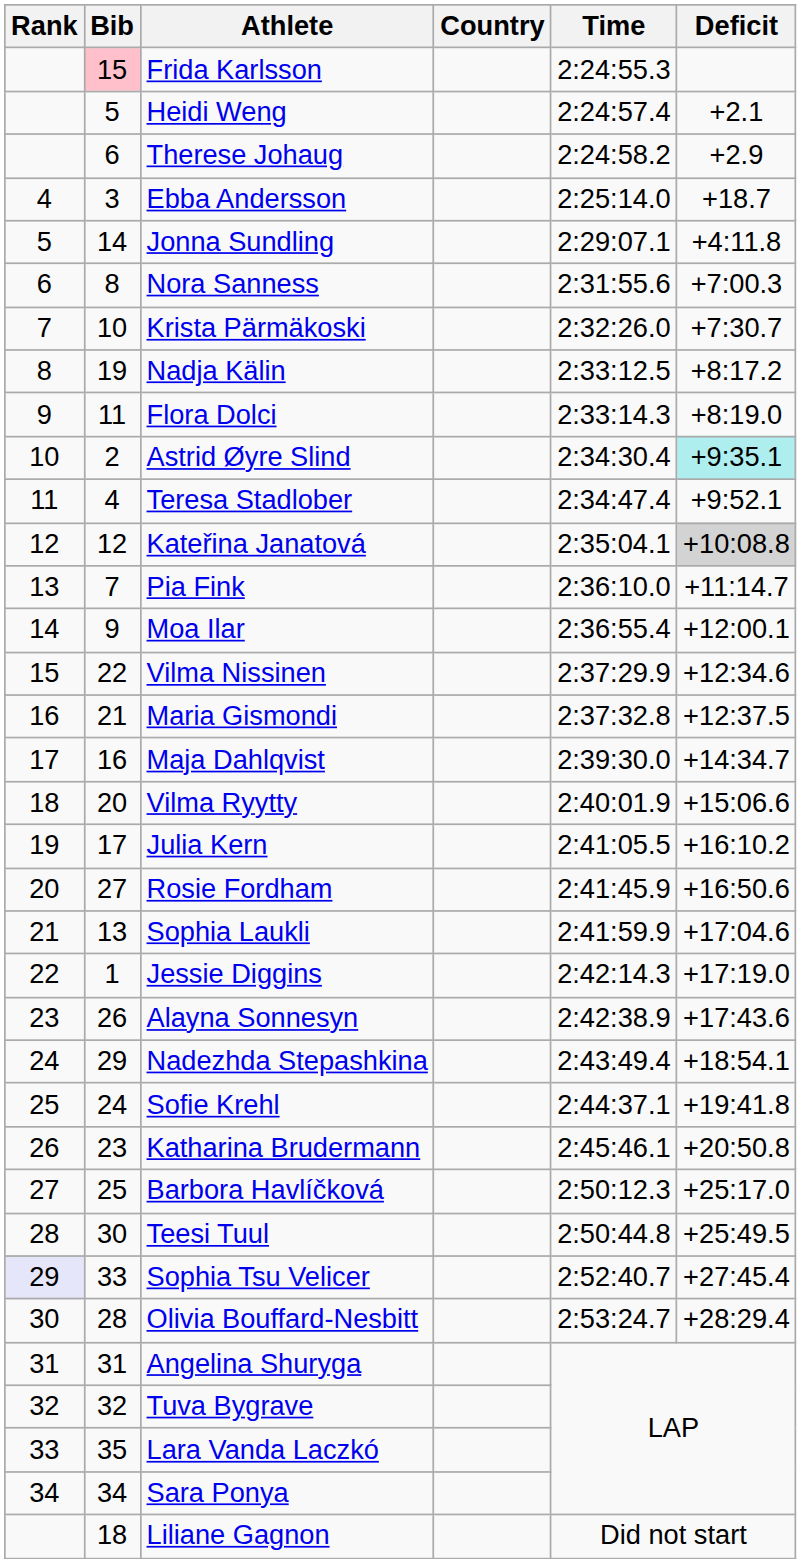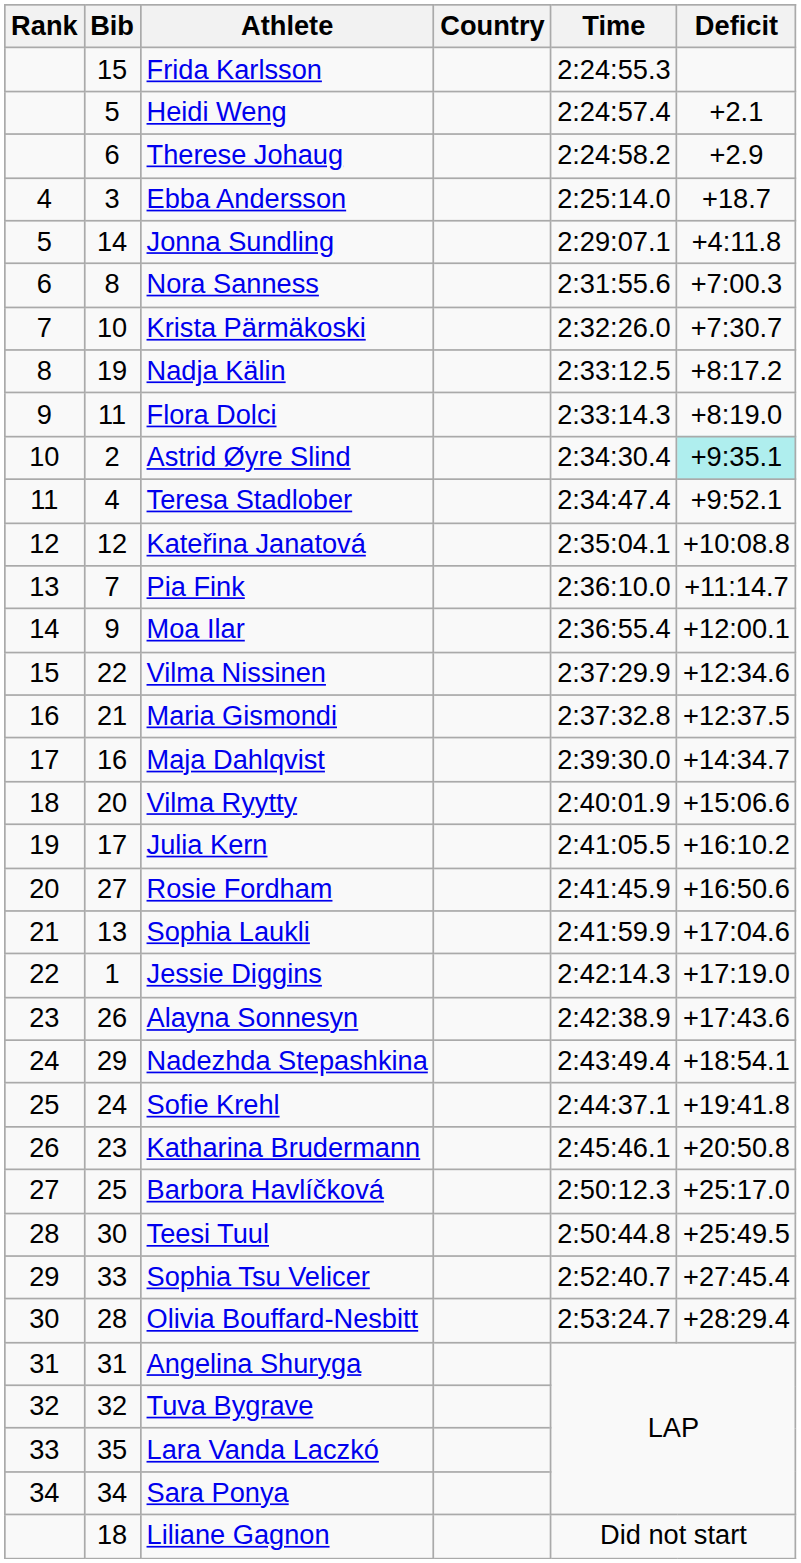 <table class="wikitable sortable" style="text-align:center">
 <tr>
 <th>Rank</th>
 <th>Bib</th>
 <th>Athlete</th>
 <th>Country</th>
 <th>Time</th>
 <th>Deficit</th>
 </tr>
 <tr>
 <td></td>
-<td style="background: pink;">15</td>
+<td>15</td>
 <td align=left><a href='#'>Frida Karlsson</a></td>
 <td align=left></td>
 <td>2:24:55.3</td>
 <td></td>
 </tr>
 <tr>
 <td></td>
 <td>5</td>
 <td align=left><a href='#'>Heidi Weng</a></td>
 <td align=left></td>
 <td>2:24:57.4</td>
 <td>+2.1</td>
 </tr>
 <tr>
 <td></td>
 <td>6</td>
 <td align=left><a href='#'>Therese Johaug</a></td>
 <td align=left></td>
 <td>2:24:58.2</td>
 <td>+2.9</td>
 </tr>
 <tr>
 <td>4</td>
 <td>3</td>
 <td align=left><a href='#'>Ebba Andersson</a></td>
 <td align=left></td>
 <td>2:25:14.0</td>
 <td>+18.7</td>
 </tr>
 <tr>
 <td>5</td>
 <td>14</td>
 <td align=left><a href='#'>Jonna Sundling</a></td>
 <td align=left></td>
 <td>2:29:07.1</td>
 <td>+4:11.8</td>
 </tr>
 <tr>
 <td>6</td>
 <td>8</td>
 <td align=left><a href='#'>Nora Sanness</a></td>
 <td align=left></td>
 <td>2:31:55.6</td>
 <td>+7:00.3</td>
 </tr>
 <tr>
 <td>7</td>
 <td>10</td>
 <td align=left><a href='#'>Krista Pärmäkoski</a></td>
 <td align=left></td>
 <td>2:32:26.0</td>
 <td>+7:30.7</td>
 </tr>
 <tr>
 <td>8</td>
 <td>19</td>
 <td align=left><a href='#'>Nadja Kälin</a></td>
 <td align=left></td>
 <td>2:33:12.5</td>
 <td>+8:17.2</td>
 </tr>
 <tr>
 <td>9</td>
 <td>11</td>
 <td align=left><a href='#'>Flora Dolci</a></td>
 <td align=left></td>
 <td>2:33:14.3</td>
 <td>+8:19.0</td>
 </tr>
 <tr>
 <td>10</td>
 <td>2</td>
 <td align=left><a href='#'>Astrid Øyre Slind</a></td>
 <td align=left></td>
 <td>2:34:30.4</td>
 <td style="background: paleturquoise;">+9:35.1</td>
 </tr>
 <tr>
 <td>11</td>
 <td>4</td>
 <td align=left><a href='#'>Teresa Stadlober</a></td>
 <td align=left></td>
 <td>2:34:47.4</td>
 <td>+9:52.1</td>
 </tr>
 <tr>
 <td>12</td>
 <td>12</td>
 <td align=left><a href='#'>Kateřina Janatová</a></td>
 <td align=left></td>
 <td>2:35:04.1</td>
-<td style="background: lightgrey;">+10:08.8</td>
+<td>+10:08.8</td>
 </tr>
 <tr>
 <td>13</td>
 <td>7</td>
 <td align=left><a href='#'>Pia Fink</a></td>
 <td align=left></td>
 <td>2:36:10.0</td>
 <td>+11:14.7</td>
 </tr>
 <tr>
 <td>14</td>
 <td>9</td>
 <td align=left><a href='#'>Moa Ilar</a></td>
 <td align=left></td>
 <td>2:36:55.4</td>
 <td>+12:00.1</td>
 </tr>
 <tr>
 <td>15</td>
 <td>22</td>
 <td align=left><a href='#'>Vilma Nissinen</a></td>
 <td align=left></td>
 <td>2:37:29.9</td>
 <td>+12:34.6</td>
 </tr>
 <tr>
 <td>16</td>
 <td>21</td>
 <td align=left><a href='#'>Maria Gismondi</a></td>
 <td align=left></td>
 <td>2:37:32.8</td>
 <td>+12:37.5</td>
 </tr>
 <tr>
 <td>17</td>
 <td>16</td>
 <td align=left><a href='#'>Maja Dahlqvist</a></td>
 <td align=left></td>
 <td>2:39:30.0</td>
 <td>+14:34.7</td>
 </tr>
 <tr>
 <td>18</td>
 <td>20</td>
 <td align=left><a href='#'>Vilma Ryytty</a></td>
 <td align=left></td>
 <td>2:40:01.9</td>
 <td>+15:06.6</td>
 </tr>
 <tr>
 <td>19</td>
 <td>17</td>
 <td align=left><a href='#'>Julia Kern</a></td>
 <td align=left></td>
 <td>2:41:05.5</td>
 <td>+16:10.2</td>
 </tr>
 <tr>
 <td>20</td>
 <td>27</td>
 <td align=left><a href='#'>Rosie Fordham</a></td>
 <td align=left></td>
 <td>2:41:45.9</td>
 <td>+16:50.6</td>
 </tr>
 <tr>
 <td>21</td>
 <td>13</td>
 <td align=left><a href='#'>Sophia Laukli</a></td>
 <td align=left></td>
 <td>2:41:59.9</td>
 <td>+17:04.6</td>
 </tr>
 <tr>
 <td>22</td>
 <td>1</td>
 <td align=left><a href='#'>Jessie Diggins</a></td>
 <td align=left></td>
 <td>2:42:14.3</td>
 <td>+17:19.0</td>
 </tr>
 <tr>
 <td>23</td>
 <td>26</td>
 <td align=left><a href='#'>Alayna Sonnesyn</a></td>
 <td align=left></td>
 <td>2:42:38.9</td>
 <td>+17:43.6</td>
 </tr>
 <tr>
 <td>24</td>
 <td>29</td>
 <td align=left><a href='#'>Nadezhda Stepashkina</a></td>
 <td align=left></td>
 <td>2:43:49.4</td>
 <td>+18:54.1</td>
 </tr>
 <tr>
 <td>25</td>
 <td>24</td>
 <td align=left><a href='#'>Sofie Krehl</a></td>
 <td align=left></td>
 <td>2:44:37.1</td>
 <td>+19:41.8</td>
 </tr>
 <tr>
 <td>26</td>
 <td>23</td>
 <td align=left><a href='#'>Katharina Brudermann</a></td>
 <td align=left></td>
 <td>2:45:46.1</td>
 <td>+20:50.8</td>
 </tr>
 <tr>
 <td>27</td>
 <td>25</td>
 <td align=left><a href='#'>Barbora Havlíčková</a></td>
 <td align=left></td>
 <td>2:50:12.3</td>
 <td>+25:17.0</td>
 </tr>
 <tr>
 <td>28</td>
 <td>30</td>
 <td align=left><a href='#'>Teesi Tuul</a></td>
 <td align=left></td>
 <td>2:50:44.8</td>
 <td>+25:49.5</td>
 </tr>
 <tr>
-<td style="background: lavender;">29</td>
+<td>29</td>
 <td>33</td>
 <td align=left><a href='#'>Sophia Tsu Velicer</a></td>
 <td align=left></td>
 <td>2:52:40.7</td>
 <td>+27:45.4</td>
 </tr>
 <tr>
 <td>30</td>
 <td>28</td>
 <td align=left><a href='#'>Olivia Bouffard-Nesbitt</a></td>
 <td align=left></td>
 <td>2:53:24.7</td>
 <td>+28:29.4</td>
 </tr>
 <tr>
 <td>31</td>
 <td>31</td>
 <td align=left><a href='#'>Angelina Shuryga</a></td>
 <td align=left></td>
 <td colspan=2 rowspan=4>LAP</td>
 </tr>
 <tr>
 <td>32</td>
 <td>32</td>
 <td align=left><a href='#'>Tuva Bygrave</a></td>
 <td align=left></td>
 </tr>
 <tr>
 <td>33</td>
 <td>35</td>
 <td align=left><a href='#'>Lara Vanda Laczkó</a></td>
 <td align=left></td>
 </tr>
 <tr>
 <td>34</td>
 <td>34</td>
 <td align=left><a href='#'>Sara Ponya</a></td>
 <td align=left></td>
 </tr>
 <tr>
 <td></td>
 <td>18</td>
 <td align=left><a href='#'>Liliane Gagnon</a></td>
 <td align=left></td>
 <td colspan=2>Did not start</td>
 </tr>
 </table>
